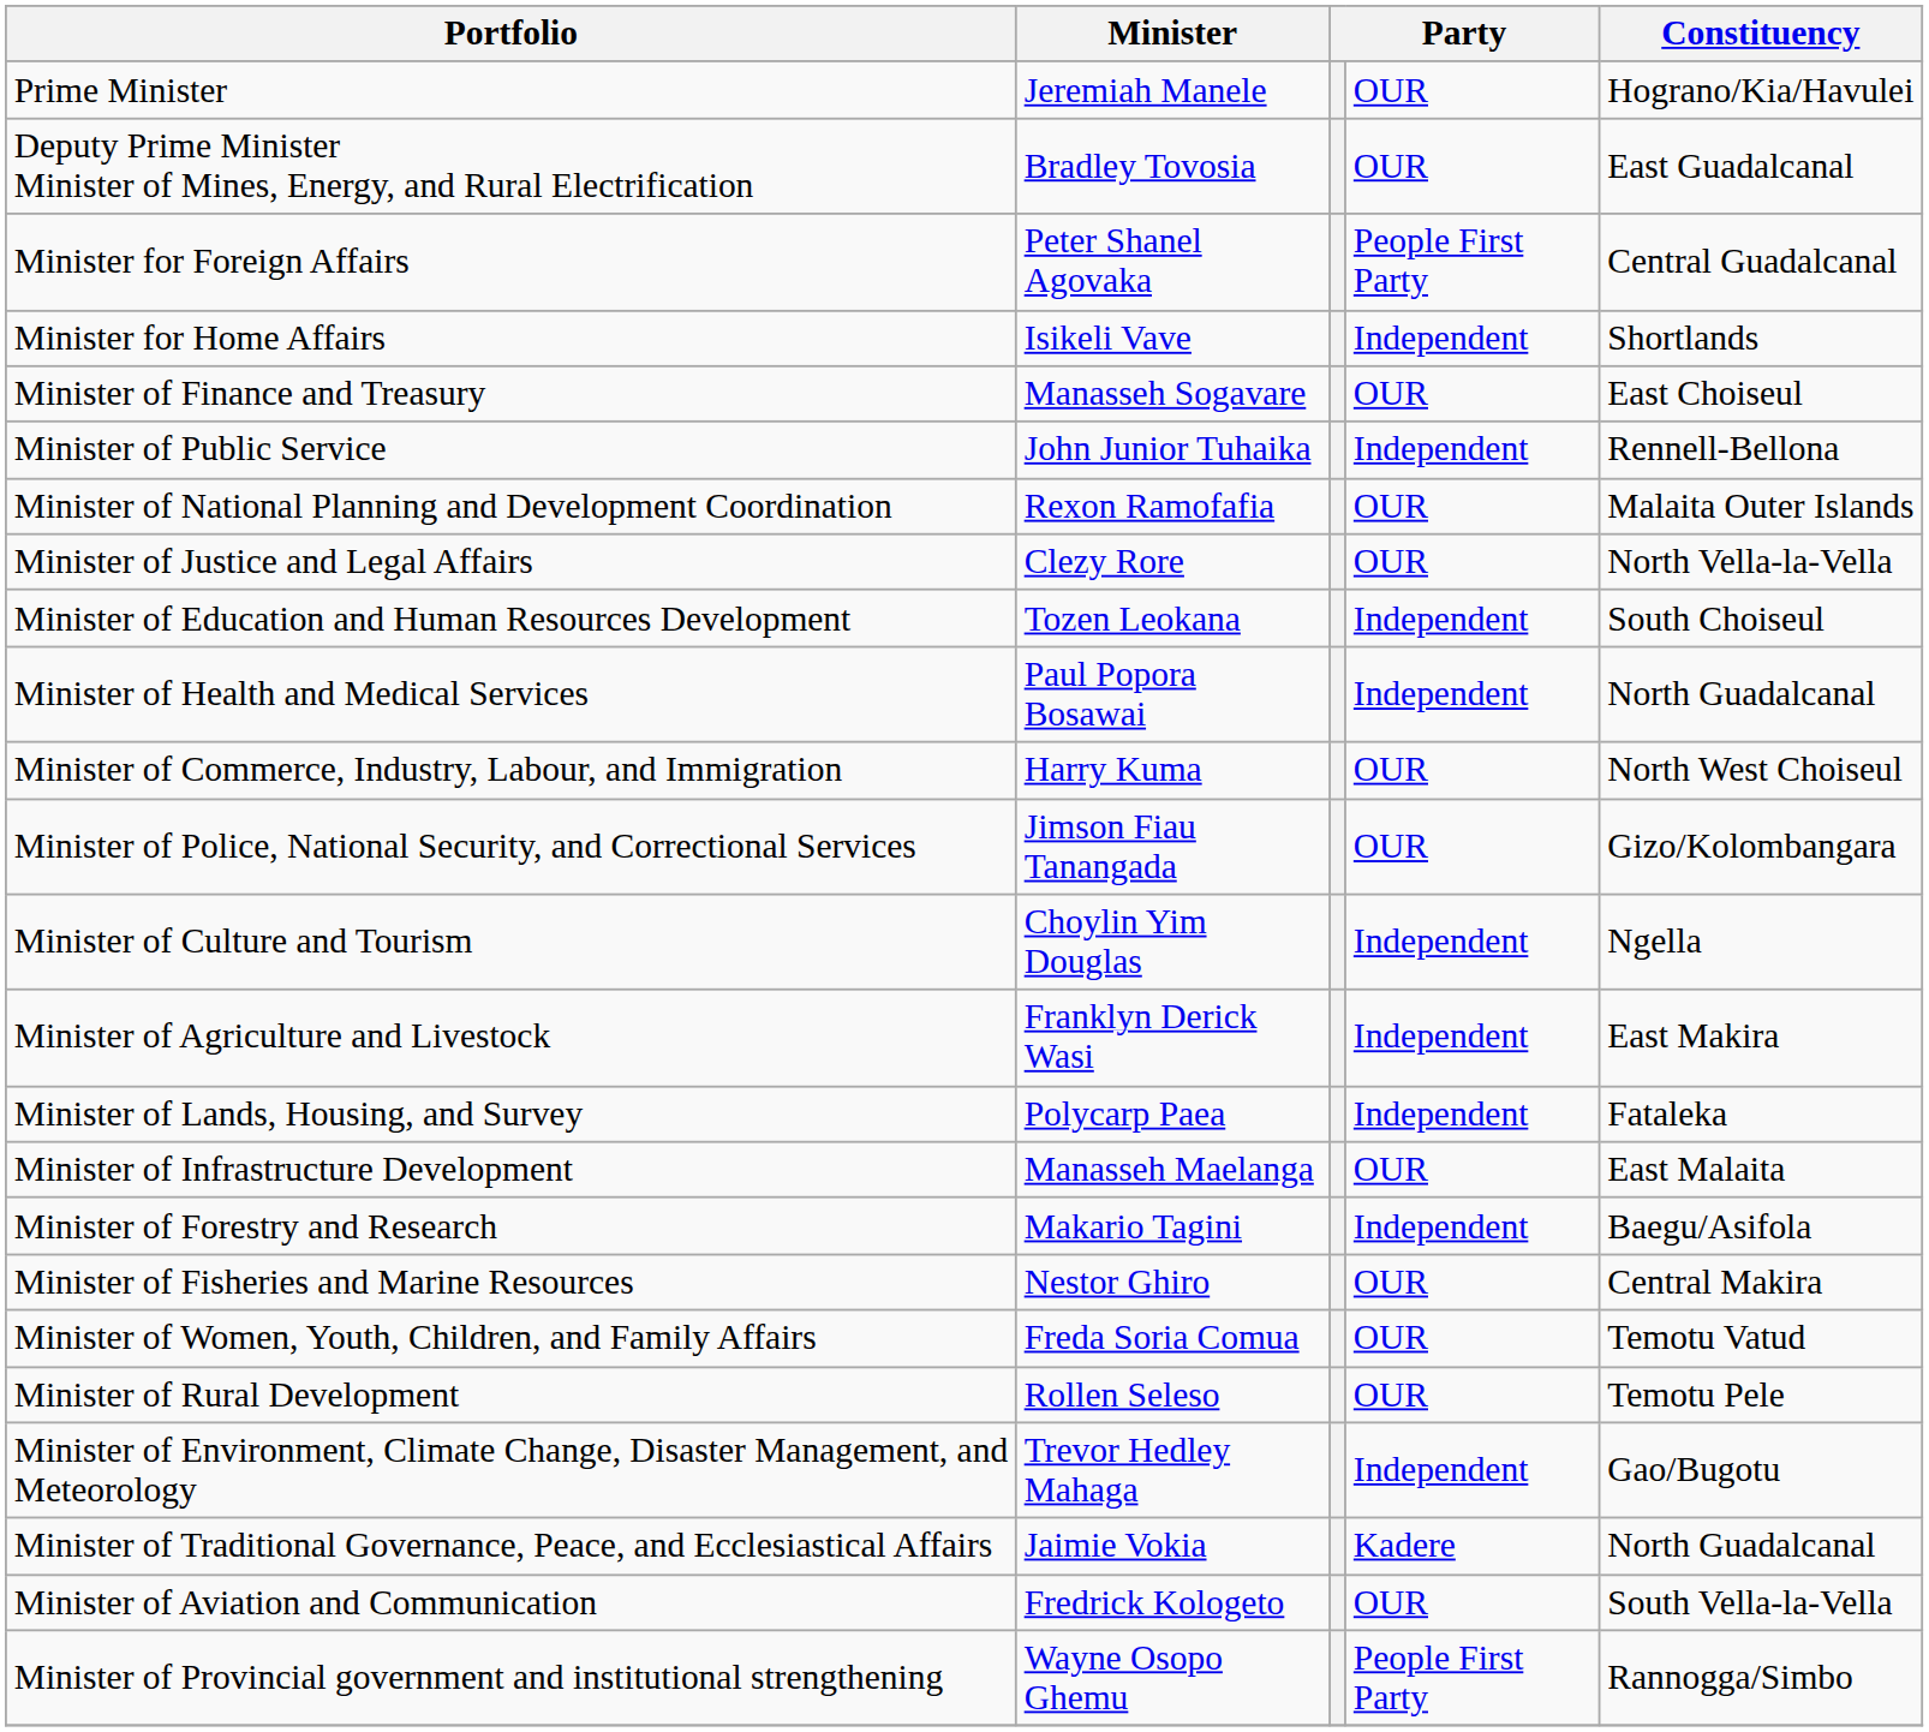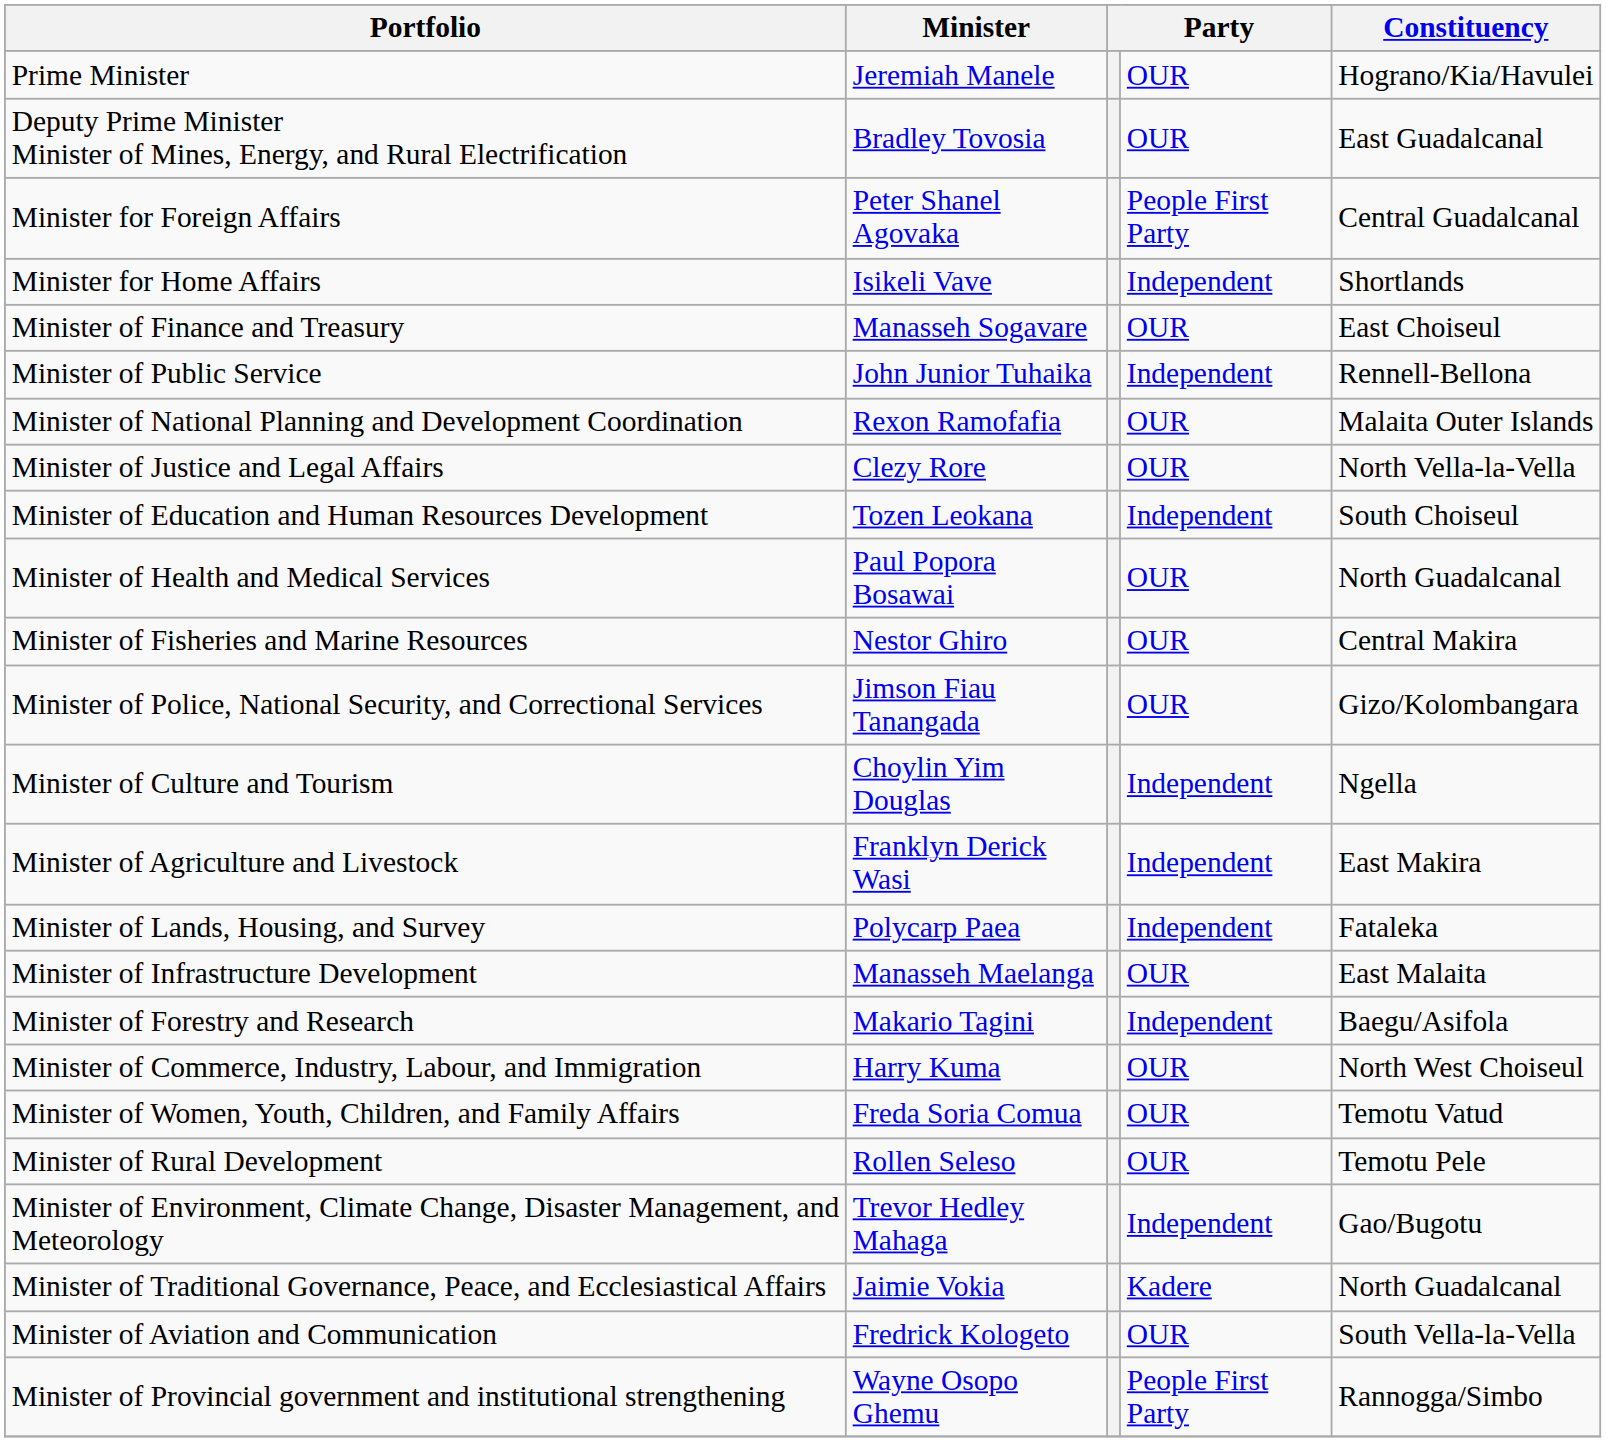 <table class="wikitable sortable">
 <tr>
 <th>Portfolio</th>
 <th>Minister</th>
 <th colspan="2">Party</th>
 <th><a href='#'>Constituency</a></th>
 </tr>
 <tr>
 <td>Prime Minister</td>
 <td><a href='#'>Jeremiah Manele</a></td>
 <th style="background:"></th>
 <td><a href='#'> OUR</a></td>
 <td>Hograno/Kia/Havulei</td>
 </tr>
 <tr>
 <td>Deputy Prime Minister<br>Minister of Mines, Energy, and Rural Electrification</td>
 <td><a href='#'>Bradley Tovosia</a></td>
 <th style="background:"></th>
 <td><a href='#'>OUR</a></td>
 <td>East Guadalcanal</td>
 </tr>
 <tr>
 <td>Minister for Foreign Affairs</td>
 <td><a href='#'>Peter Shanel Agovaka</a></td>
 <th style="background:"></th>
 <td><a href='#'>People First Party</a></td>
 <td>Central Guadalcanal</td>
 </tr>
 <tr>
 <td>Minister for Home Affairs</td>
 <td><a href='#'>Isikeli Vave</a></td>
 <th style="background:"></th>
 <td><a href='#'>Independent</a></td>
 <td>Shortlands</td>
 </tr>
 <tr>
 <td>Minister of Finance and Treasury</td>
 <td><a href='#'>Manasseh Sogavare</a></td>
 <th style="background:"></th>
 <td><a href='#'> OUR</a></td>
 <td>East Choiseul</td>
 </tr>
 <tr>
 <td>Minister of Public Service</td>
 <td><a href='#'>John Junior Tuhaika</a></td>
 <th style="background:"></th>
 <td><a href='#'>Independent</a></td>
 <td>Rennell-Bellona</td>
 </tr>
 <tr>
 <td>Minister of National Planning and Development Coordination</td>
 <td><a href='#'>Rexon Ramofafia</a></td>
 <th style="background:"></th>
 <td><a href='#'> OUR</a></td>
 <td>Malaita Outer Islands</td>
 </tr>
 <tr>
 <td>Minister of Justice and Legal Affairs</td>
 <td><a href='#'>Clezy Rore</a></td>
 <th style="background:"></th>
 <td><a href='#'> OUR</a></td>
 <td>North Vella-la-Vella</td>
 </tr>
 <tr>
 <td>Minister of Education and Human Resources Development</td>
 <td><a href='#'>Tozen Leokana</a></td>
 <th style="background:"></th>
 <td><a href='#'>Independent</a></td>
 <td>South Choiseul</td>
 </tr>
 <tr>
 <td>Minister of Health and Medical Services</td>
 <td><a href='#'>Paul Popora Bosawai</a></td>
 <th style="background:"></th>
-<td><a href='#'>Independent</a></td>
+<td><a href='#'>OUR</a></td>
 <td>North Guadalcanal</td>
 </tr>
 <tr>
-<td>Minister of Commerce, Industry, Labour, and Immigration</td>
-<td><a href='#'>Harry Kuma</a></td>
+<td>Minister of Fisheries and Marine Resources</td>
+<td><a href='#'>Nestor Ghiro</a></td>
 <th style="background:"></th>
 <td><a href='#'>OUR</a></td>
-<td>North West Choiseul</td>
+<td>Central Makira</td>
 </tr>
 <tr>
 <td>Minister of Police, National Security, and Correctional Services</td>
 <td><a href='#'>Jimson Fiau Tanangada</a></td>
 <th style="background:"></th>
 <td><a href='#'>OUR</a></td>
 <td>Gizo/Kolombangara</td>
 </tr>
 <tr>
 <td>Minister of Culture and Tourism</td>
 <td><a href='#'>Choylin Yim Douglas</a></td>
 <th style="background:"></th>
 <td><a href='#'>Independent</a></td>
 <td>Ngella</td>
 </tr>
 <tr>
 <td>Minister of Agriculture and Livestock</td>
 <td><a href='#'>Franklyn Derick Wasi</a></td>
 <th style="background:"></th>
 <td><a href='#'>Independent</a></td>
 <td>East Makira</td>
 </tr>
 <tr>
 <td>Minister of Lands, Housing, and Survey</td>
 <td><a href='#'>Polycarp Paea</a></td>
 <th style="background:"></th>
 <td><a href='#'>Independent</a></td>
 <td>Fataleka</td>
 </tr>
 <tr>
 <td>Minister of Infrastructure Development</td>
 <td><a href='#'>Manasseh Maelanga</a></td>
 <th style="background:"></th>
 <td><a href='#'>OUR</a></td>
 <td>East Malaita</td>
 </tr>
 <tr>
 <td>Minister of Forestry and Research</td>
 <td><a href='#'>Makario Tagini</a></td>
 <th style="background:"></th>
 <td><a href='#'>Independent</a></td>
 <td>Baegu/Asifola</td>
 </tr>
 <tr>
-<td>Minister of Fisheries and Marine Resources</td>
-<td><a href='#'>Nestor Ghiro</a></td>
+<td>Minister of Commerce, Industry, Labour, and Immigration</td>
+<td><a href='#'>Harry Kuma</a></td>
 <th style="background:"></th>
 <td><a href='#'>OUR</a></td>
-<td>Central Makira</td>
+<td>North West Choiseul</td>
 </tr>
 <tr>
 <td>Minister of Women, Youth, Children, and Family Affairs</td>
 <td><a href='#'>Freda Soria Comua</a></td>
 <th style="background:"></th>
 <td><a href='#'>OUR</a></td>
 <td>Temotu Vatud</td>
 </tr>
 <tr>
 <td>Minister of Rural Development</td>
 <td><a href='#'>Rollen Seleso</a></td>
 <th style="background:"></th>
 <td><a href='#'>OUR</a></td>
 <td>Temotu Pele</td>
 </tr>
 <tr>
 <td>Minister of Environment, Climate Change, Disaster Management, and Meteorology</td>
 <td><a href='#'>Trevor Hedley Mahaga</a></td>
 <th style="background:"></th>
 <td><a href='#'>Independent</a></td>
 <td>Gao/Bugotu</td>
 </tr>
 <tr>
 <td>Minister of Traditional Governance, Peace, and Ecclesiastical Affairs</td>
 <td><a href='#'>Jaimie Vokia</a></td>
 <th style="background:"></th>
 <td><a href='#'>Kadere</a></td>
 <td>North Guadalcanal</td>
 </tr>
 <tr>
 <td>Minister of Aviation and Communication</td>
 <td><a href='#'>Fredrick Kologeto</a></td>
 <th style="background:"></th>
 <td><a href='#'>OUR</a></td>
 <td>South Vella-la-Vella</td>
 </tr>
 <tr>
 <td>Minister of Provincial government and institutional strengthening</td>
 <td><a href='#'>Wayne Osopo Ghemu</a></td>
 <th style="background:"></th>
 <td><a href='#'>People First Party</a></td>
 <td>Rannogga/Simbo</td>
 </tr>
 <tr>
 </tr>
 </table>
